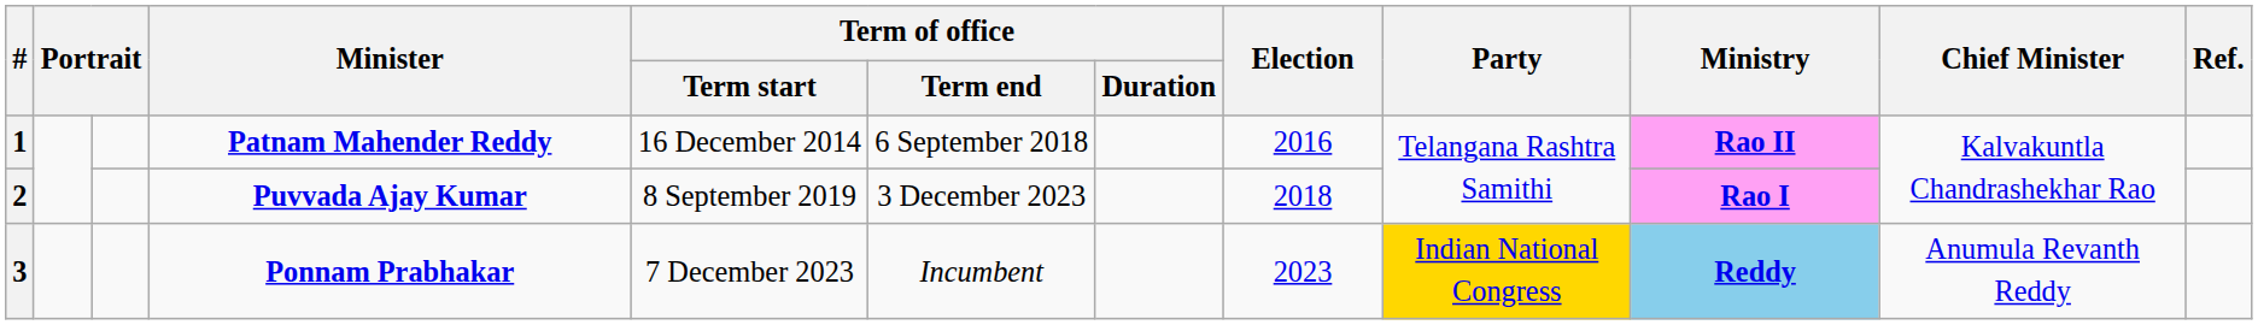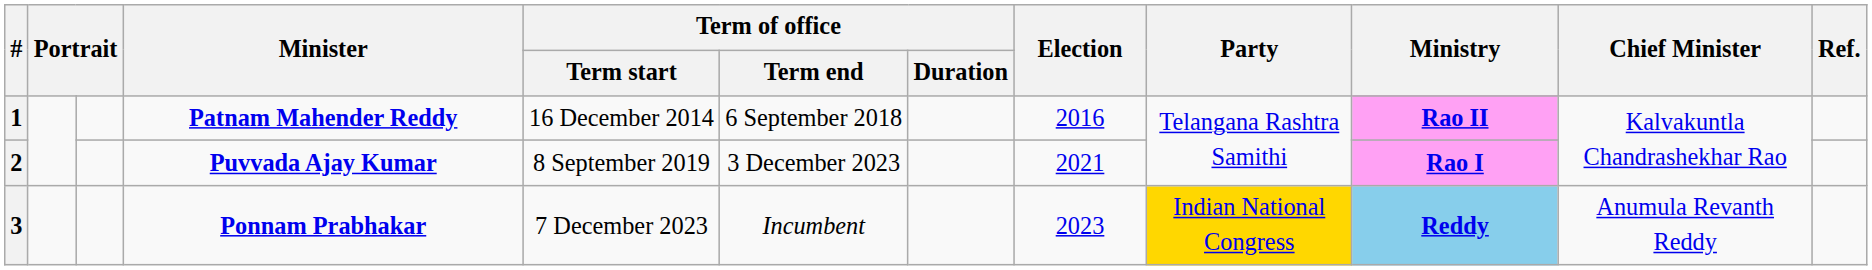 <table class="wikitable" style="line-height:1.4em; text-align:center">
 <tr>
 <th rowspan=2>#</th>
 <th rowspan=2 colspan="2">Portrait</th>
 <th rowspan=2 style="width:16em">Minister<br></th>
 <th colspan="3">Term of office</th>
 <th rowspan=2 style="width:5em">Election<br></th>
 <th rowspan=2 style="width:8em">Party</th>
 <th rowspan=2 style="width:8em">Ministry</th>
 <th rowspan=2 style="width:10em">Chief Minister</th>
 <th rowspan=2>Ref.</th>
 </tr>
 <tr>
 <th>Term start</th>
 <th>Term end</th>
 <th>Duration</th>
 </tr>
 <tr>
 <th>1</th>
 <td rowspan=2></td>
 <td></td>
 <td><strong><a href='#'>Patnam Mahender Reddy</a></strong><br></td>
 <td>16 December 2014</td>
 <td>6 September 2018</td>
 <td><strong></strong></td>
 <td><a href='#'>2016</a><br></td>
 <td rowspan="2"><a href='#'>Telangana Rashtra Samithi</a></td>
 <td bgcolor="#FFA1F4"><strong><a href='#'>Rao II</a></strong></td>
 <td rowspan="2"><a href='#'>Kalvakuntla Chandrashekhar Rao</a></td>
 <td></td>
 </tr>
 <tr>
 <th>2</th>
 <td></td>
 <td><strong><a href='#'>Puvvada Ajay Kumar</a></strong><br></td>
 <td>8 September 2019</td>
 <td>3 December 2023</td>
 <td><strong></strong></td>
-<td><a href='#'>2018</a><br></td>
+<td><a href='#'>2021</a><br></td>
 <td bgcolor="#FFA1F4"><strong><a href='#'>Rao I</a></strong></td>
 <td></td>
 </tr>
 <tr>
 <th>3</th>
 <td></td>
 <td></td>
 <td><strong><a href='#'>Ponnam Prabhakar</a></strong><br></td>
 <td>7 December 2023</td>
 <td><em>Incumbent</em></td>
 <td><strong></strong></td>
 <td><a href='#'>2023</a><br></td>
 <td style="background: gold;"><a href='#'>Indian National Congress</a></td>
 <td bgcolor="#87CEEB"><strong><a href='#'>Reddy</a></strong></td>
 <td><a href='#'>Anumula Revanth Reddy</a></td>
 <td></td>
 </tr>
 </table>
